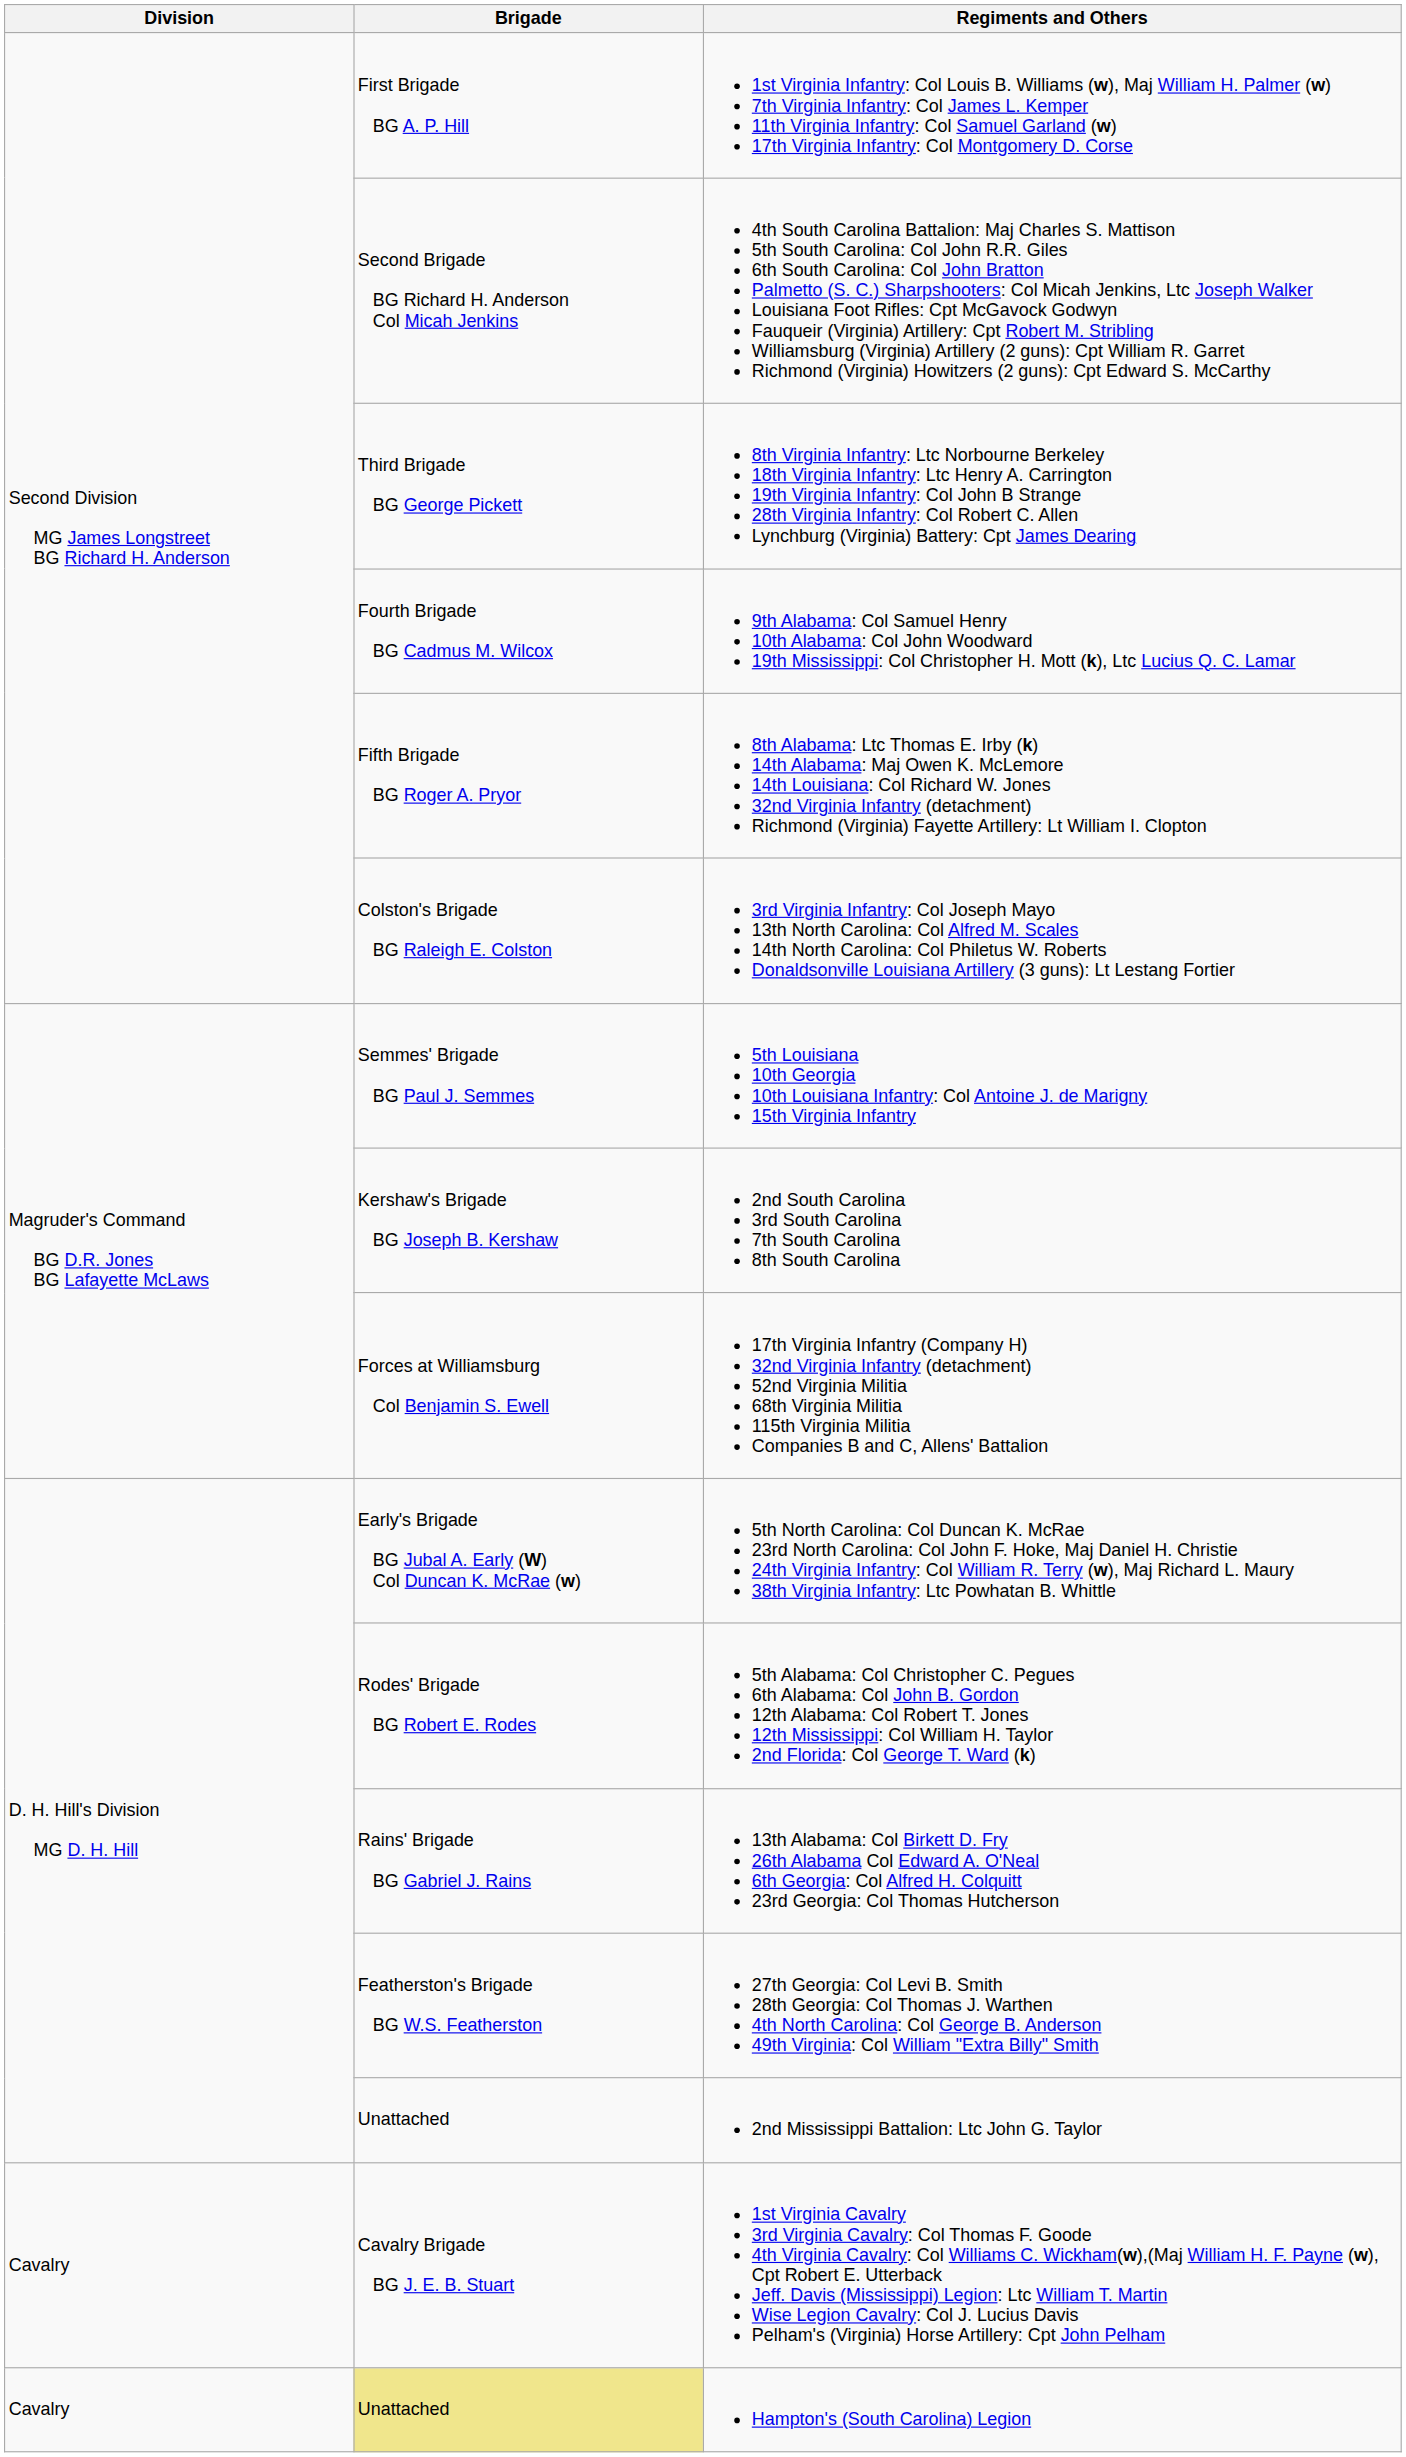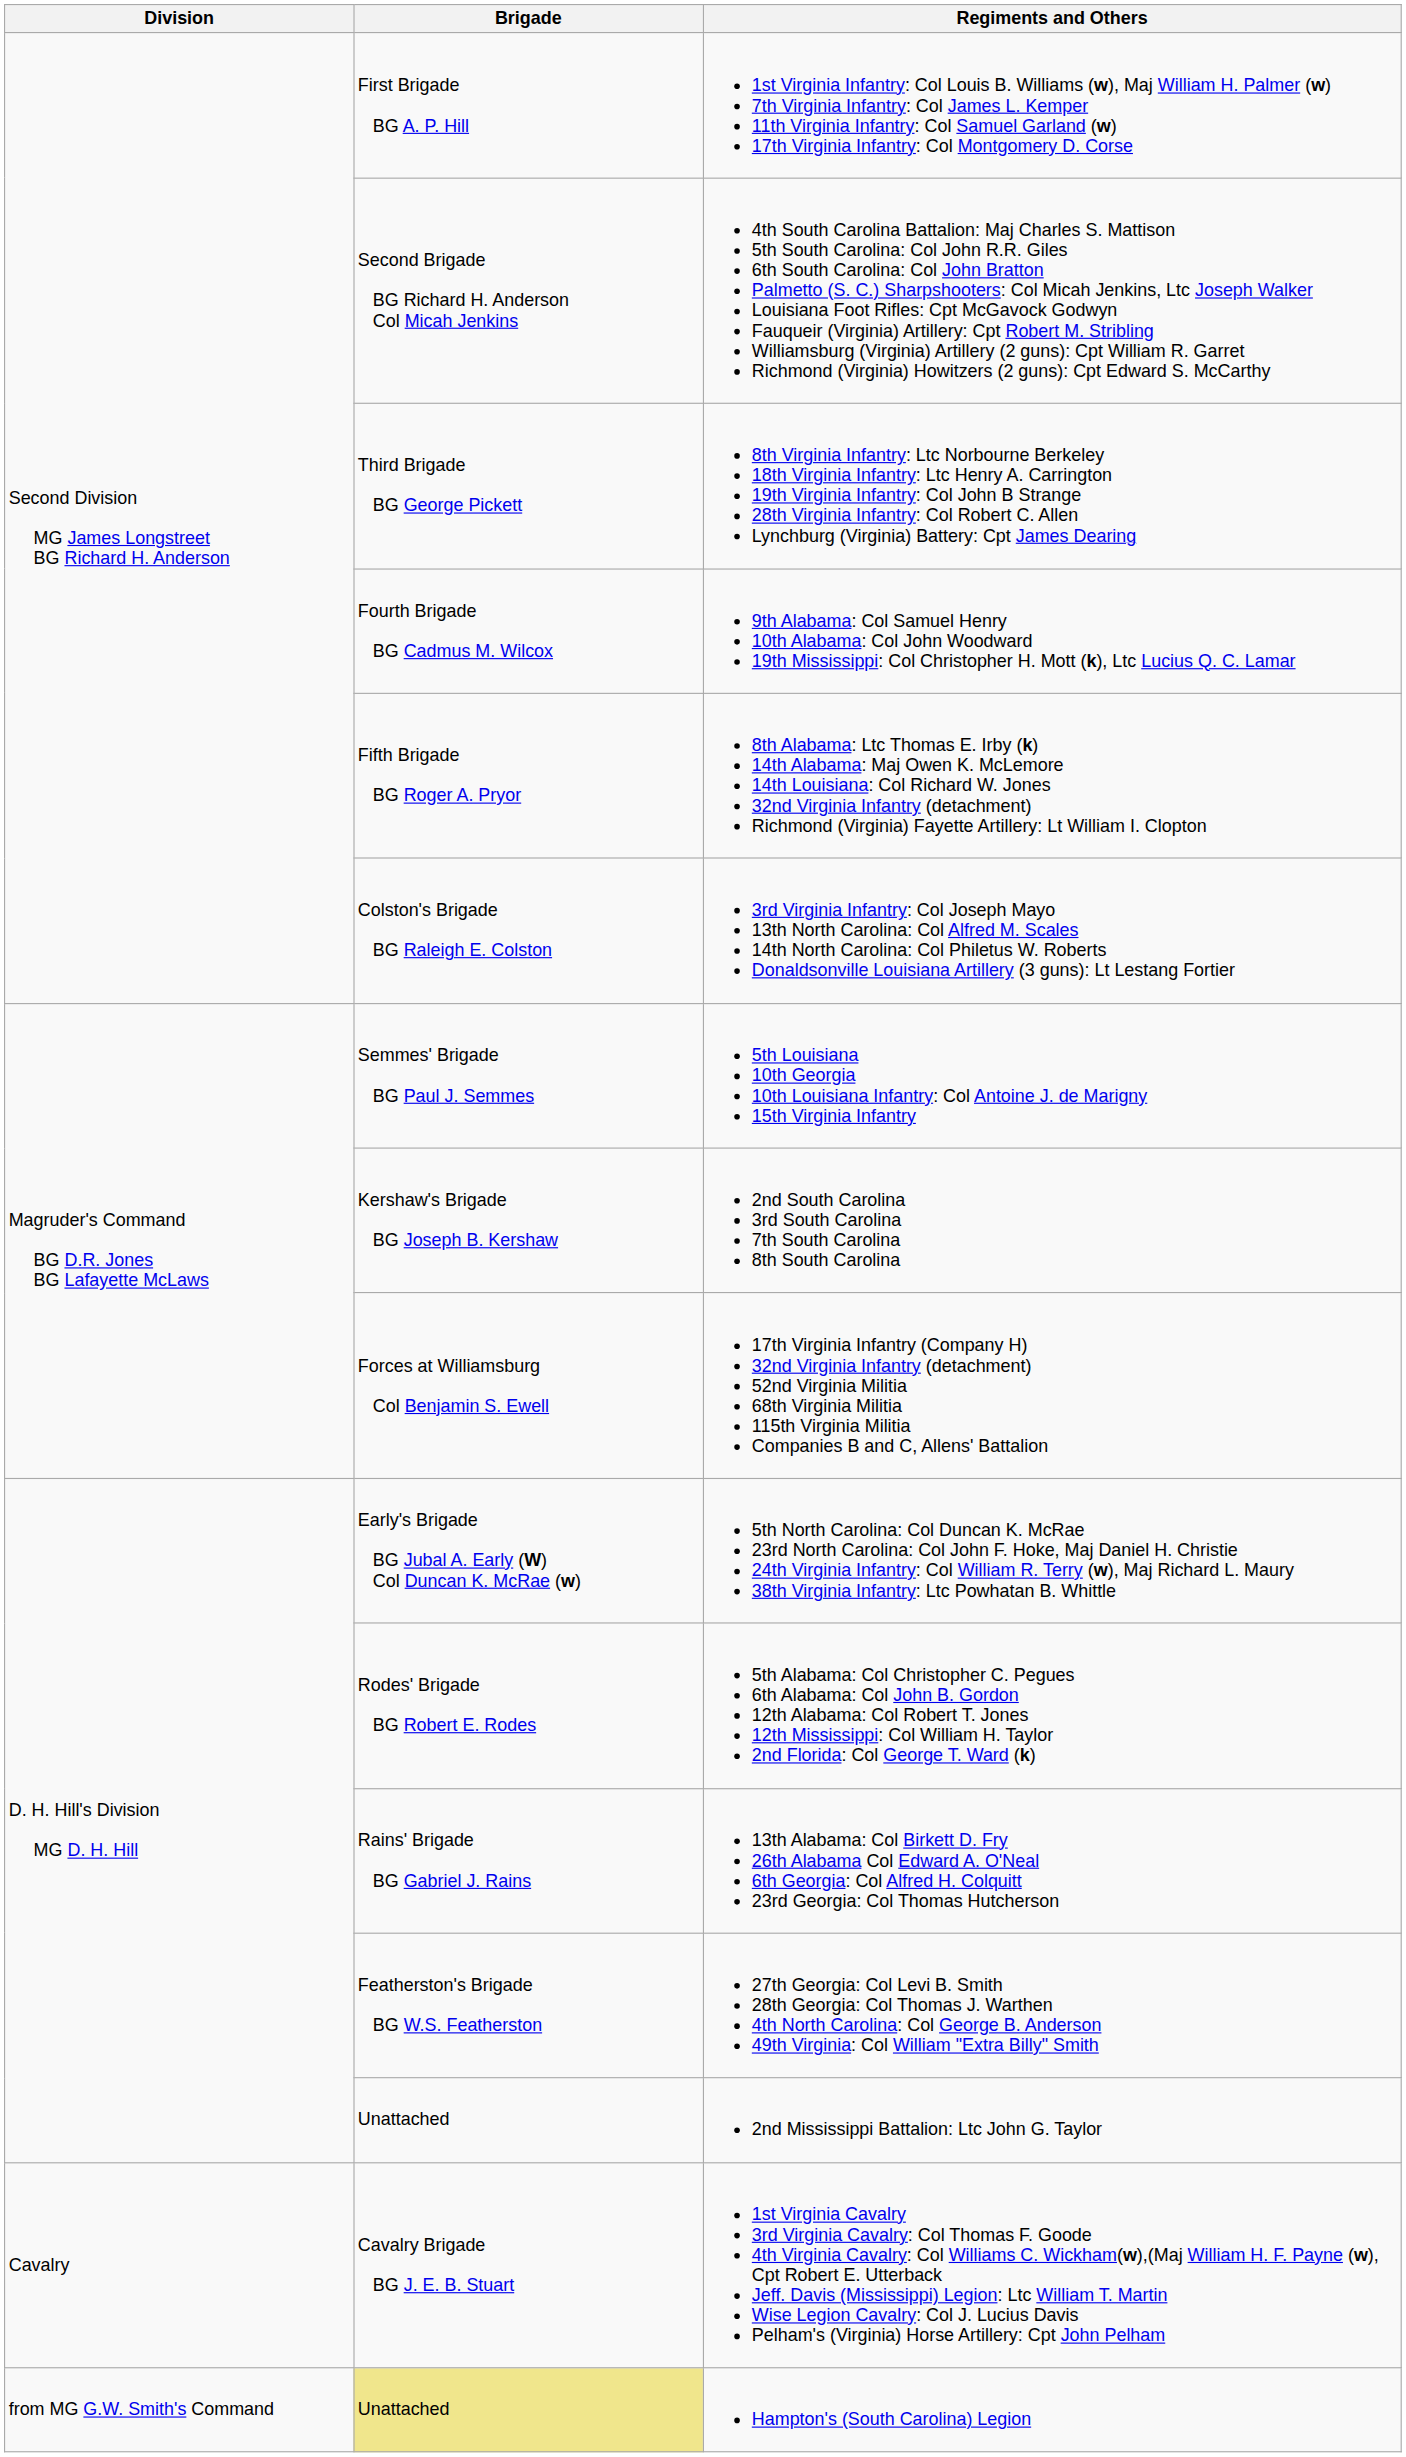 <table class="wikitable">
 <tr>
 <th width=25%>Division</th>
 <th width=25%>Brigade</th>
 <th>Regiments and Others</th>
 </tr>
 <tr>
 <td rowspan= 6><br>Second Division<br><br>     MG <a href='#'>James Longstreet</a> <br>     BG <a href='#'>Richard H. Anderson</a></td>
 <td>First Brigade<br><br>   BG <a href='#'>A. P. Hill</a></td>
 <td><br><ul><li><a href='#'>1st Virginia Infantry</a>: Col Louis B. Williams (<strong>w</strong>), Maj <a href='#'>William H. Palmer</a> (<strong>w</strong>)</li><li><a href='#'>7th Virginia Infantry</a>: Col <a href='#'>James L. Kemper</a></li><li><a href='#'>11th Virginia Infantry</a>: Col <a href='#'>Samuel Garland</a> (<strong>w</strong>)</li><li><a href='#'>17th Virginia Infantry</a>: Col <a href='#'>Montgomery D. Corse</a></li></ul></td>
 </tr>
 <tr>
 <td>Second Brigade<br><br>   BG Richard H. Anderson <br>   Col <a href='#'>Micah Jenkins</a></td>
 <td><br><ul><li>4th South Carolina Battalion: Maj Charles S. Mattison</li><li>5th South Carolina: Col John R.R. Giles</li><li>6th South Carolina: Col <a href='#'>John Bratton</a></li><li><a href='#'>Palmetto (S. C.) Sharpshooters</a>: Col Micah Jenkins, Ltc <a href='#'>Joseph Walker</a></li><li>Louisiana Foot Rifles: Cpt McGavock Godwyn</li><li>Fauqueir (Virginia) Artillery: Cpt <a href='#'>Robert M. Stribling</a></li><li>Williamsburg (Virginia) Artillery (2 guns): Cpt William R. Garret</li><li>Richmond (Virginia) Howitzers (2 guns): Cpt Edward S. McCarthy</li></ul></td>
 </tr>
 <tr>
 <td>Third Brigade<br><br>   BG <a href='#'>George Pickett</a></td>
 <td><br><ul><li><a href='#'>8th Virginia Infantry</a>: Ltc Norbourne Berkeley</li><li><a href='#'>18th Virginia Infantry</a>: Ltc Henry A. Carrington</li><li><a href='#'>19th Virginia Infantry</a>: Col John B Strange</li><li><a href='#'>28th Virginia Infantry</a>: Col Robert C. Allen</li><li>Lynchburg (Virginia) Battery: Cpt <a href='#'>James Dearing</a></li></ul></td>
 </tr>
 <tr>
 <td>Fourth Brigade<br><br>   BG <a href='#'>Cadmus M. Wilcox</a></td>
 <td><br><ul><li><a href='#'>9th Alabama</a>: Col Samuel Henry</li><li><a href='#'>10th Alabama</a>: Col John Woodward</li><li><a href='#'>19th Mississippi</a>: Col Christopher H. Mott (<strong>k</strong>), Ltc <a href='#'>Lucius Q. C. Lamar</a></li></ul></td>
 </tr>
 <tr>
 <td>Fifth Brigade<br><br>   BG <a href='#'>Roger A. Pryor</a></td>
 <td><br><ul><li><a href='#'>8th Alabama</a>: Ltc Thomas E. Irby (<strong>k</strong>)</li><li><a href='#'>14th Alabama</a>: Maj Owen K. McLemore</li><li><a href='#'>14th Louisiana</a>: Col Richard W. Jones</li><li><a href='#'>32nd Virginia Infantry</a> (detachment)</li><li>Richmond (Virginia) Fayette Artillery: Lt William I. Clopton</li></ul></td>
 </tr>
 <tr>
 <td>Colston's Brigade<br><br>   BG <a href='#'>Raleigh E. Colston</a></td>
 <td><br><ul><li><a href='#'>3rd Virginia Infantry</a>: Col Joseph Mayo</li><li>13th North Carolina: Col <a href='#'>Alfred M. Scales</a></li><li>14th North Carolina: Col Philetus W. Roberts</li><li><a href='#'>Donaldsonville Louisiana Artillery</a> (3 guns): Lt Lestang Fortier</li></ul></td>
 </tr>
 <tr>
 <td rowspan=3><br>Magruder's Command<br><br>     BG <a href='#'>D.R. Jones</a> <br>     BG <a href='#'>Lafayette McLaws</a></td>
 <td>Semmes' Brigade<br><br>   BG <a href='#'>Paul J. Semmes</a></td>
 <td><br><ul><li><a href='#'>5th Louisiana</a></li><li><a href='#'>10th Georgia</a></li><li><a href='#'>10th Louisiana Infantry</a>: Col <a href='#'>Antoine J. de Marigny</a></li><li><a href='#'>15th Virginia Infantry</a></li></ul></td>
 </tr>
 <tr>
 <td>Kershaw's Brigade<br><br>   BG <a href='#'>Joseph B. Kershaw</a></td>
 <td><br><ul><li>2nd South Carolina</li><li>3rd South Carolina</li><li>7th South Carolina</li><li>8th South Carolina</li></ul></td>
 </tr>
 <tr>
 <td>Forces at Williamsburg<br><br>   Col <a href='#'>Benjamin S. Ewell</a></td>
 <td><br><ul><li>17th Virginia Infantry (Company H)</li><li><a href='#'>32nd Virginia Infantry</a> (detachment)</li><li>52nd Virginia Militia</li><li>68th Virginia Militia</li><li>115th Virginia Militia</li><li>Companies B and C, Allens' Battalion</li></ul></td>
 </tr>
 <tr>
 <td rowspan=5><br>D. H. Hill's Division<br><br>     MG <a href='#'>D. H. Hill</a></td>
 <td>Early's Brigade<br><br>   BG <a href='#'>Jubal A. Early</a> (<strong>W</strong>) <br>   Col <a href='#'>Duncan K. McRae</a> (<strong>w</strong>)</td>
 <td><br><ul><li>5th North Carolina: Col Duncan K. McRae</li><li>23rd North Carolina: Col John F. Hoke, Maj Daniel H. Christie</li><li><a href='#'>24th Virginia Infantry</a>: Col <a href='#'>William R. Terry</a> (<strong>w</strong>), Maj Richard L. Maury</li><li><a href='#'>38th Virginia Infantry</a>: Ltc Powhatan B. Whittle</li></ul></td>
 </tr>
 <tr>
 <td>Rodes' Brigade<br><br>   BG <a href='#'>Robert E. Rodes</a></td>
 <td><br><ul><li>5th Alabama: Col Christopher C. Pegues</li><li>6th Alabama: Col <a href='#'>John B. Gordon</a></li><li>12th Alabama: Col Robert T. Jones</li><li><a href='#'>12th Mississippi</a>: Col William H. Taylor</li><li><a href='#'>2nd Florida</a>: Col <a href='#'>George T. Ward</a> (<strong>k</strong>)</li></ul></td>
 </tr>
 <tr>
 <td>Rains' Brigade<br><br>   BG <a href='#'>Gabriel J. Rains</a></td>
 <td><br><ul><li>13th Alabama: Col <a href='#'>Birkett D. Fry</a></li><li><a href='#'>26th Alabama</a> Col <a href='#'>Edward A. O'Neal</a></li><li><a href='#'>6th Georgia</a>: Col <a href='#'>Alfred H. Colquitt</a></li><li>23rd Georgia: Col Thomas Hutcherson</li></ul></td>
 </tr>
 <tr>
 <td>Featherston's Brigade<br><br>   BG <a href='#'>W.S. Featherston</a></td>
 <td><br><ul><li>27th Georgia: Col Levi B. Smith</li><li>28th Georgia: Col Thomas J. Warthen</li><li><a href='#'>4th North Carolina</a>: Col <a href='#'>George B. Anderson</a></li><li><a href='#'>49th Virginia</a>: Col <a href='#'>William "Extra Billy" Smith</a></li></ul></td>
 </tr>
 <tr>
 <td>Unattached</td>
 <td><br><ul><li>2nd Mississippi Battalion: Ltc John G. Taylor</li></ul></td>
 </tr>
 <tr>
 <td>Cavalry</td>
 <td>Cavalry Brigade<br><br>   BG <a href='#'>J. E. B. Stuart</a></td>
 <td><br><ul><li><a href='#'>1st Virginia Cavalry</a></li><li><a href='#'>3rd Virginia Cavalry</a>: Col Thomas F. Goode</li><li><a href='#'>4th Virginia Cavalry</a>: Col <a href='#'>Williams C. Wickham</a>(<strong>w</strong>),(Maj <a href='#'>William H. F. Payne</a> (<strong>w</strong>), Cpt Robert E. Utterback</li><li><a href='#'>Jeff. Davis (Mississippi) Legion</a>: Ltc <a href='#'>William T. Martin</a></li><li><a href='#'>Wise Legion Cavalry</a>: Col J. Lucius Davis</li><li>Pelham's (Virginia) Horse Artillery: Cpt <a href='#'>John Pelham</a></li></ul></td>
 </tr>
 <tr>
-<td>Cavalry</td>
+<td>from MG <a href='#'>G.W. Smith's</a> Command</td>
 <td style="background: khaki;">Unattached</td>
 <td><br><ul><li><a href='#'>Hampton's (South Carolina) Legion</a></li></ul></td>
 </tr>
 </table>
